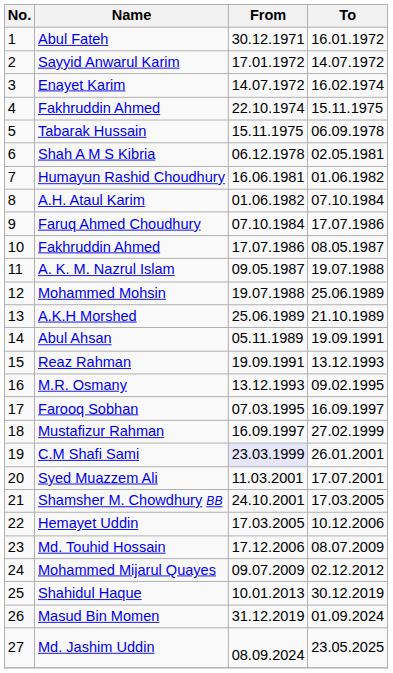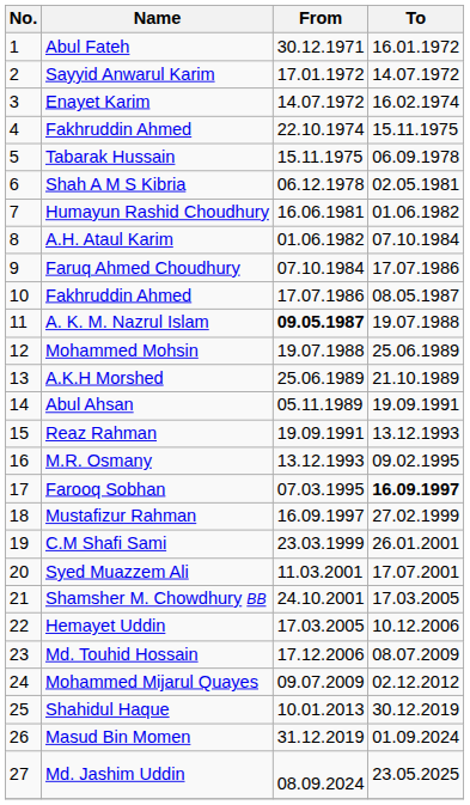 <table class="wikitable">
 <tr>
 <th>No.</th>
 <th>Name</th>
 <th>From</th>
 <th>To</th>
 </tr>
 <tr>
 <td>1</td>
 <td><a href='#'>Abul Fateh</a></td>
 <td>30.12.1971</td>
 <td>16.01.1972</td>
 </tr>
 <tr>
 <td>2</td>
 <td><a href='#'>Sayyid Anwarul Karim</a></td>
 <td>17.01.1972</td>
 <td>14.07.1972</td>
 </tr>
 <tr>
 <td>3</td>
 <td><a href='#'>Enayet Karim</a></td>
 <td>14.07.1972</td>
 <td>16.02.1974</td>
 </tr>
 <tr>
 <td>4</td>
 <td><a href='#'>Fakhruddin Ahmed</a></td>
 <td>22.10.1974</td>
 <td>15.11.1975</td>
 </tr>
 <tr>
 <td>5</td>
 <td><a href='#'>Tabarak Hussain</a></td>
 <td>15.11.1975</td>
 <td>06.09.1978</td>
 </tr>
 <tr>
 <td>6</td>
 <td><a href='#'>Shah A M S Kibria</a></td>
 <td>06.12.1978</td>
 <td>02.05.1981</td>
 </tr>
 <tr>
 <td>7</td>
 <td><a href='#'>Humayun Rashid Choudhury</a></td>
 <td>16.06.1981</td>
 <td>01.06.1982</td>
 </tr>
 <tr>
 <td>8</td>
 <td><a href='#'>A.H. Ataul Karim</a></td>
 <td>01.06.1982</td>
 <td>07.10.1984</td>
 </tr>
 <tr>
 <td>9</td>
 <td><a href='#'>Faruq Ahmed Choudhury</a></td>
 <td>07.10.1984</td>
 <td>17.07.1986</td>
 </tr>
 <tr>
 <td>10</td>
 <td><a href='#'>Fakhruddin Ahmed</a></td>
 <td>17.07.1986</td>
 <td>08.05.1987</td>
 </tr>
 <tr>
 <td>11</td>
 <td><a href='#'>A. K. M. Nazrul Islam</a></td>
-<td>09.05.1987</td>
+<td><strong>09.05.1987</strong></td>
 <td>19.07.1988</td>
 </tr>
 <tr>
 <td>12</td>
 <td><a href='#'>Mohammed Mohsin</a></td>
 <td>19.07.1988</td>
 <td>25.06.1989</td>
 </tr>
 <tr>
 <td>13</td>
 <td><a href='#'>A.K.H Morshed</a></td>
 <td>25.06.1989</td>
 <td>21.10.1989</td>
 </tr>
 <tr>
 <td>14</td>
 <td><a href='#'>Abul Ahsan</a></td>
 <td>05.11.1989</td>
 <td>19.09.1991</td>
 </tr>
 <tr>
 <td>15</td>
 <td><a href='#'>Reaz Rahman</a></td>
 <td>19.09.1991</td>
 <td>13.12.1993</td>
 </tr>
 <tr>
 <td>16</td>
 <td><a href='#'>M.R. Osmany</a></td>
 <td>13.12.1993</td>
 <td>09.02.1995</td>
 </tr>
 <tr>
 <td>17</td>
 <td><a href='#'>Farooq Sobhan</a></td>
 <td>07.03.1995</td>
-<td>16.09.1997</td>
+<td><strong>16.09.1997</strong></td>
 </tr>
 <tr>
 <td>18</td>
 <td><a href='#'>Mustafizur Rahman</a></td>
 <td>16.09.1997</td>
 <td>27.02.1999</td>
 </tr>
 <tr>
 <td>19</td>
 <td><a href='#'>C.M Shafi Sami</a></td>
-<td style="background: lavender;">23.03.1999</td>
+<td>23.03.1999</td>
 <td>26.01.2001</td>
 </tr>
 <tr>
 <td>20</td>
 <td><a href='#'>Syed Muazzem Ali</a></td>
 <td>11.03.2001</td>
 <td>17.07.2001</td>
 </tr>
 <tr>
 <td>21</td>
 <td><a href='#'>Shamsher M. Chowdhury</a> <em><small><a href='#'>BB</a></small></em></td>
 <td>24.10.2001</td>
 <td>17.03.2005</td>
 </tr>
 <tr>
 <td>22</td>
 <td><a href='#'>Hemayet Uddin</a></td>
 <td>17.03.2005</td>
 <td>10.12.2006</td>
 </tr>
 <tr>
 <td>23</td>
 <td><a href='#'>Md. Touhid Hossain</a></td>
 <td>17.12.2006</td>
 <td>08.07.2009</td>
 </tr>
 <tr>
 <td>24</td>
 <td><a href='#'>Mohammed Mijarul Quayes</a></td>
 <td>09.07.2009</td>
 <td>02.12.2012</td>
 </tr>
 <tr>
 <td>25</td>
 <td><a href='#'>Shahidul Haque</a></td>
 <td>10.01.2013</td>
 <td>30.12.2019</td>
 </tr>
 <tr>
 <td>26</td>
 <td><a href='#'>Masud Bin Momen</a></td>
 <td>31.12.2019</td>
 <td>01.09.2024</td>
 </tr>
 <tr>
 <td>27</td>
 <td><a href='#'>Md. Jashim Uddin</a></td>
 <td><br>08.09.2024</td>
 <td>23.05.2025</td>
 </tr>
 <tr>
 </tr>
 </table>
